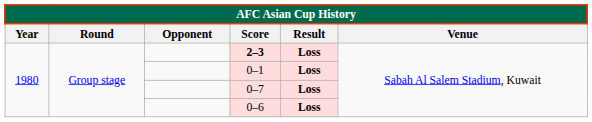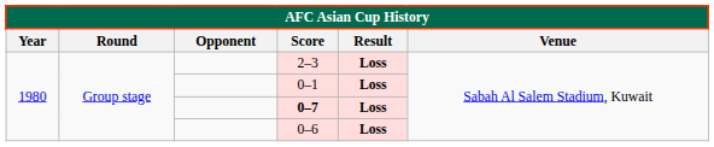 <table class="wikitable collapsible collapsed" style="text-align: center; font-size: 100%;width: 800px">
 <tr>
 <th colspan="6" style="background: #006a4e;border: 2px solid #ff3300;color: #FFFFFF;">AFC Asian Cup History</th>
 </tr>
 <tr>
 <th>Year</th>
 <th>Round</th>
 <th>Opponent</th>
 <th>Score</th>
 <th>Result</th>
 <th>Venue</th>
 </tr>
 <tr>
 <td rowspan=4><a href='#'>1980</a></td>
 <td rowspan=4><a href='#'>Group stage</a></td>
 <td style="text-align:left"></td>
-<td style="background:#fdd;"><strong>2–3</strong></td>
+<td style="background:#fdd;">2–3</td>
 <td style="background:#fdd;"><strong>Loss</strong></td>
 <td rowspan=4><a href='#'>Sabah Al Salem Stadium</a>,  Kuwait</td>
 </tr>
 <tr>
 <td style="text-align:left"></td>
 <td style="background:#fdd;">0–1</td>
 <td style="background:#fdd;"><strong>Loss</strong></td>
 </tr>
 <tr>
 <td style="text-align:left"></td>
-<td style="background:#fdd;">0–7</td>
+<td style="background:#fdd;"><strong>0–7</strong></td>
 <td style="background:#fdd;"><strong>Loss</strong></td>
 </tr>
 <tr>
 <td style="text-align:left"></td>
 <td style="background:#fdd;">0–6</td>
 <td style="background:#fdd;"><strong>Loss</strong></td>
 </tr>
 </table>
